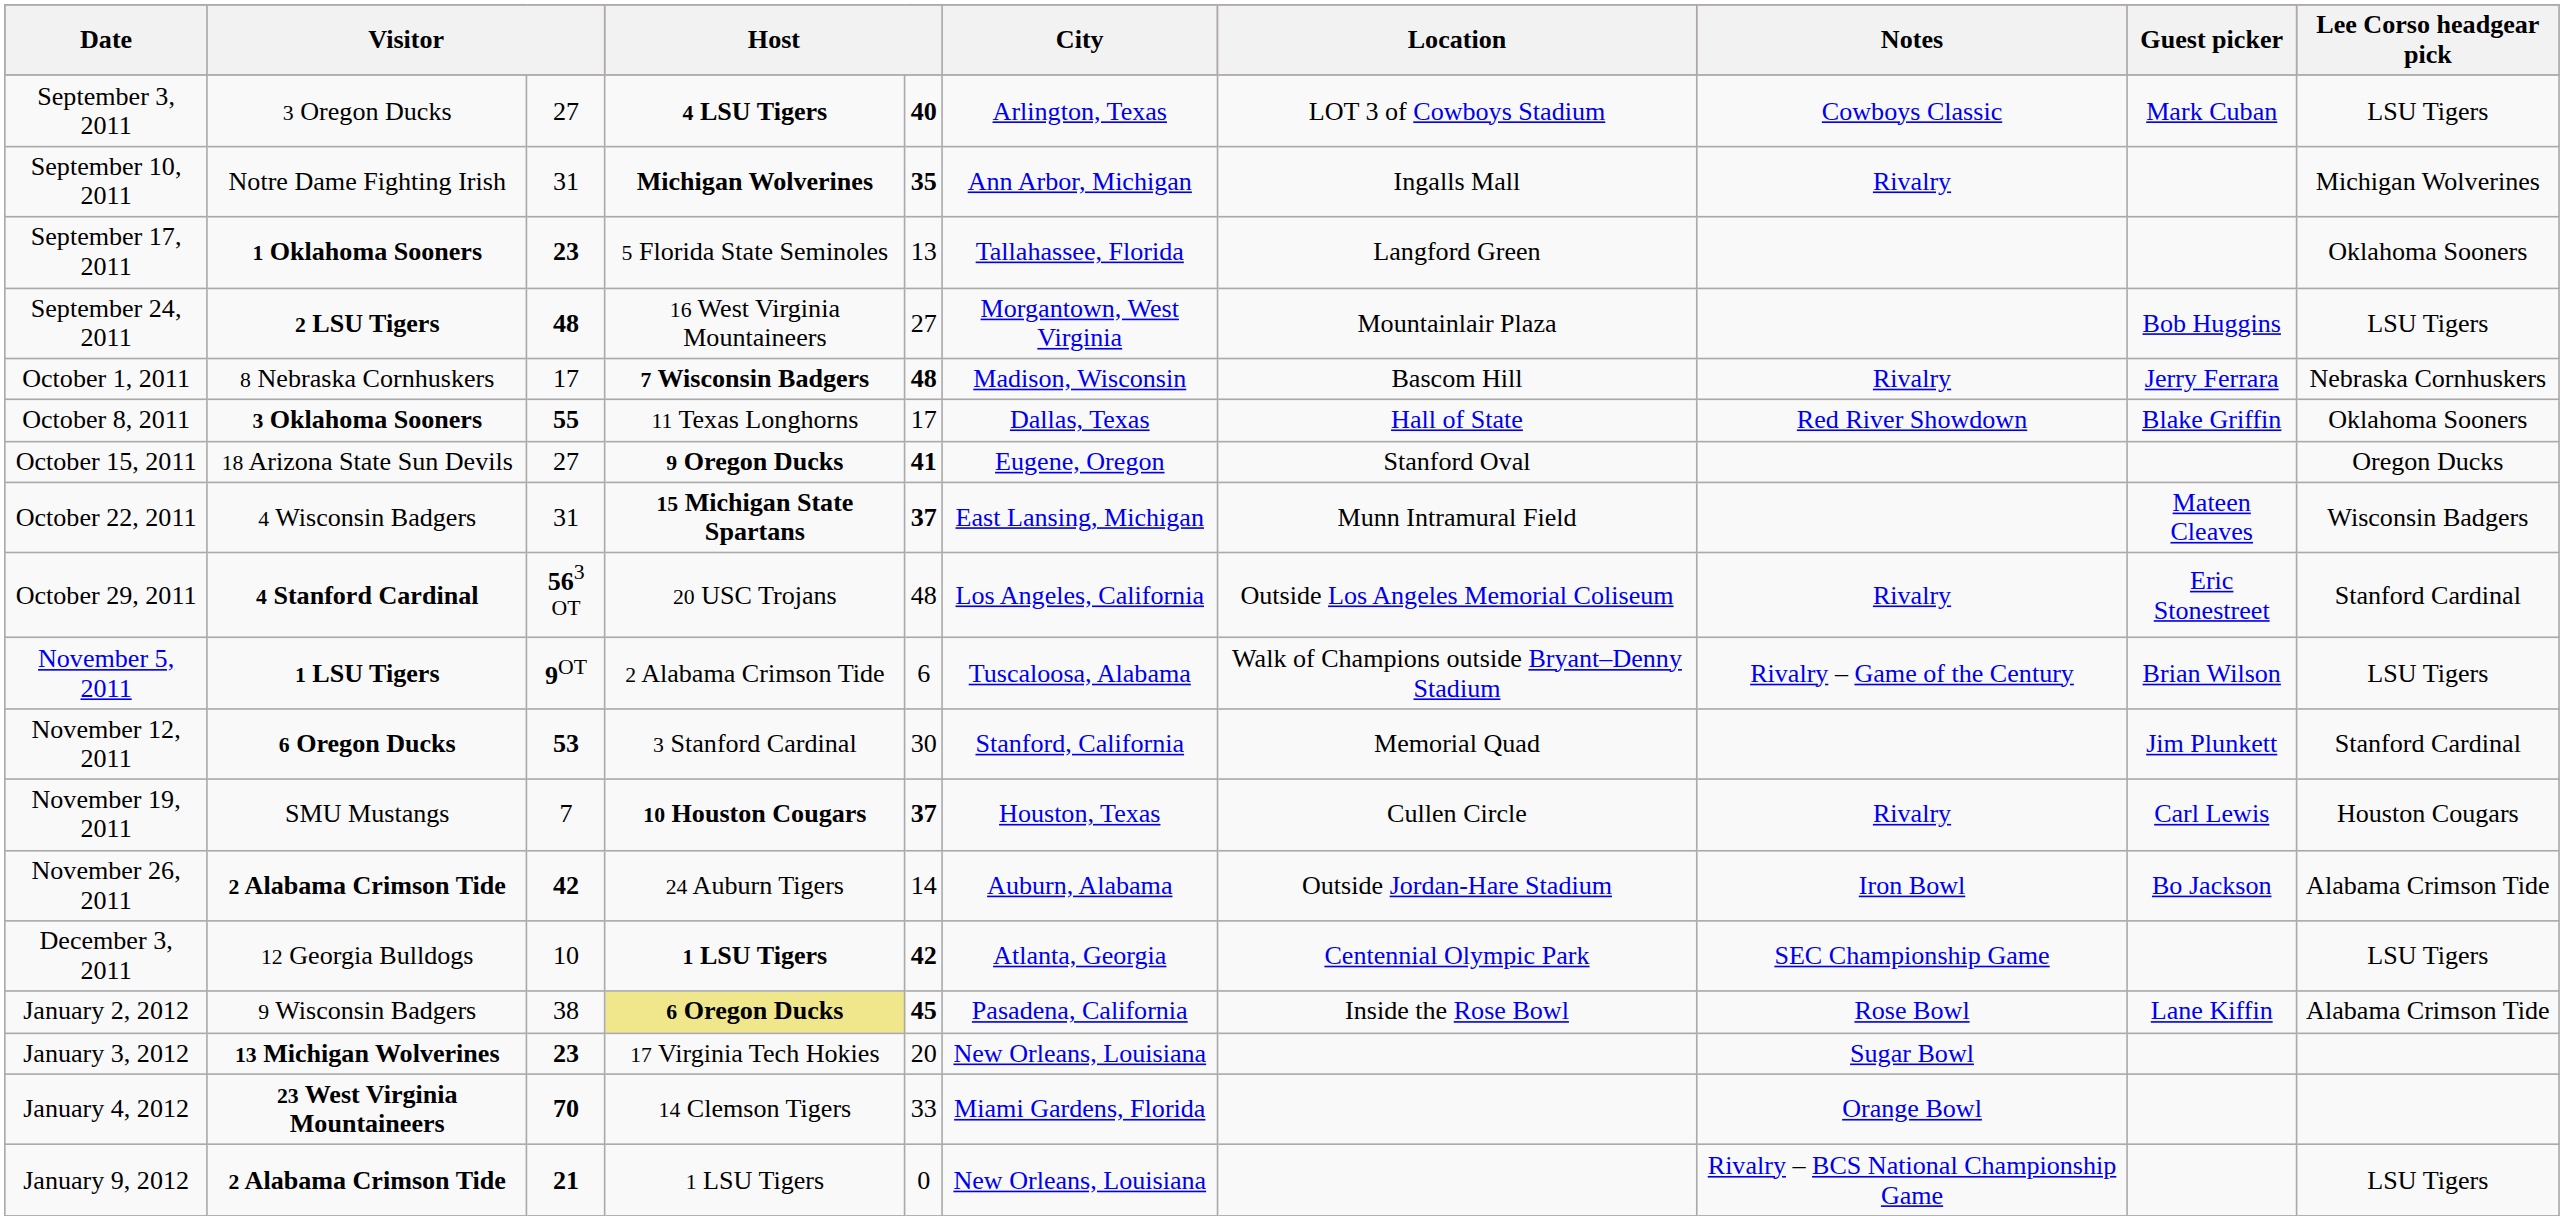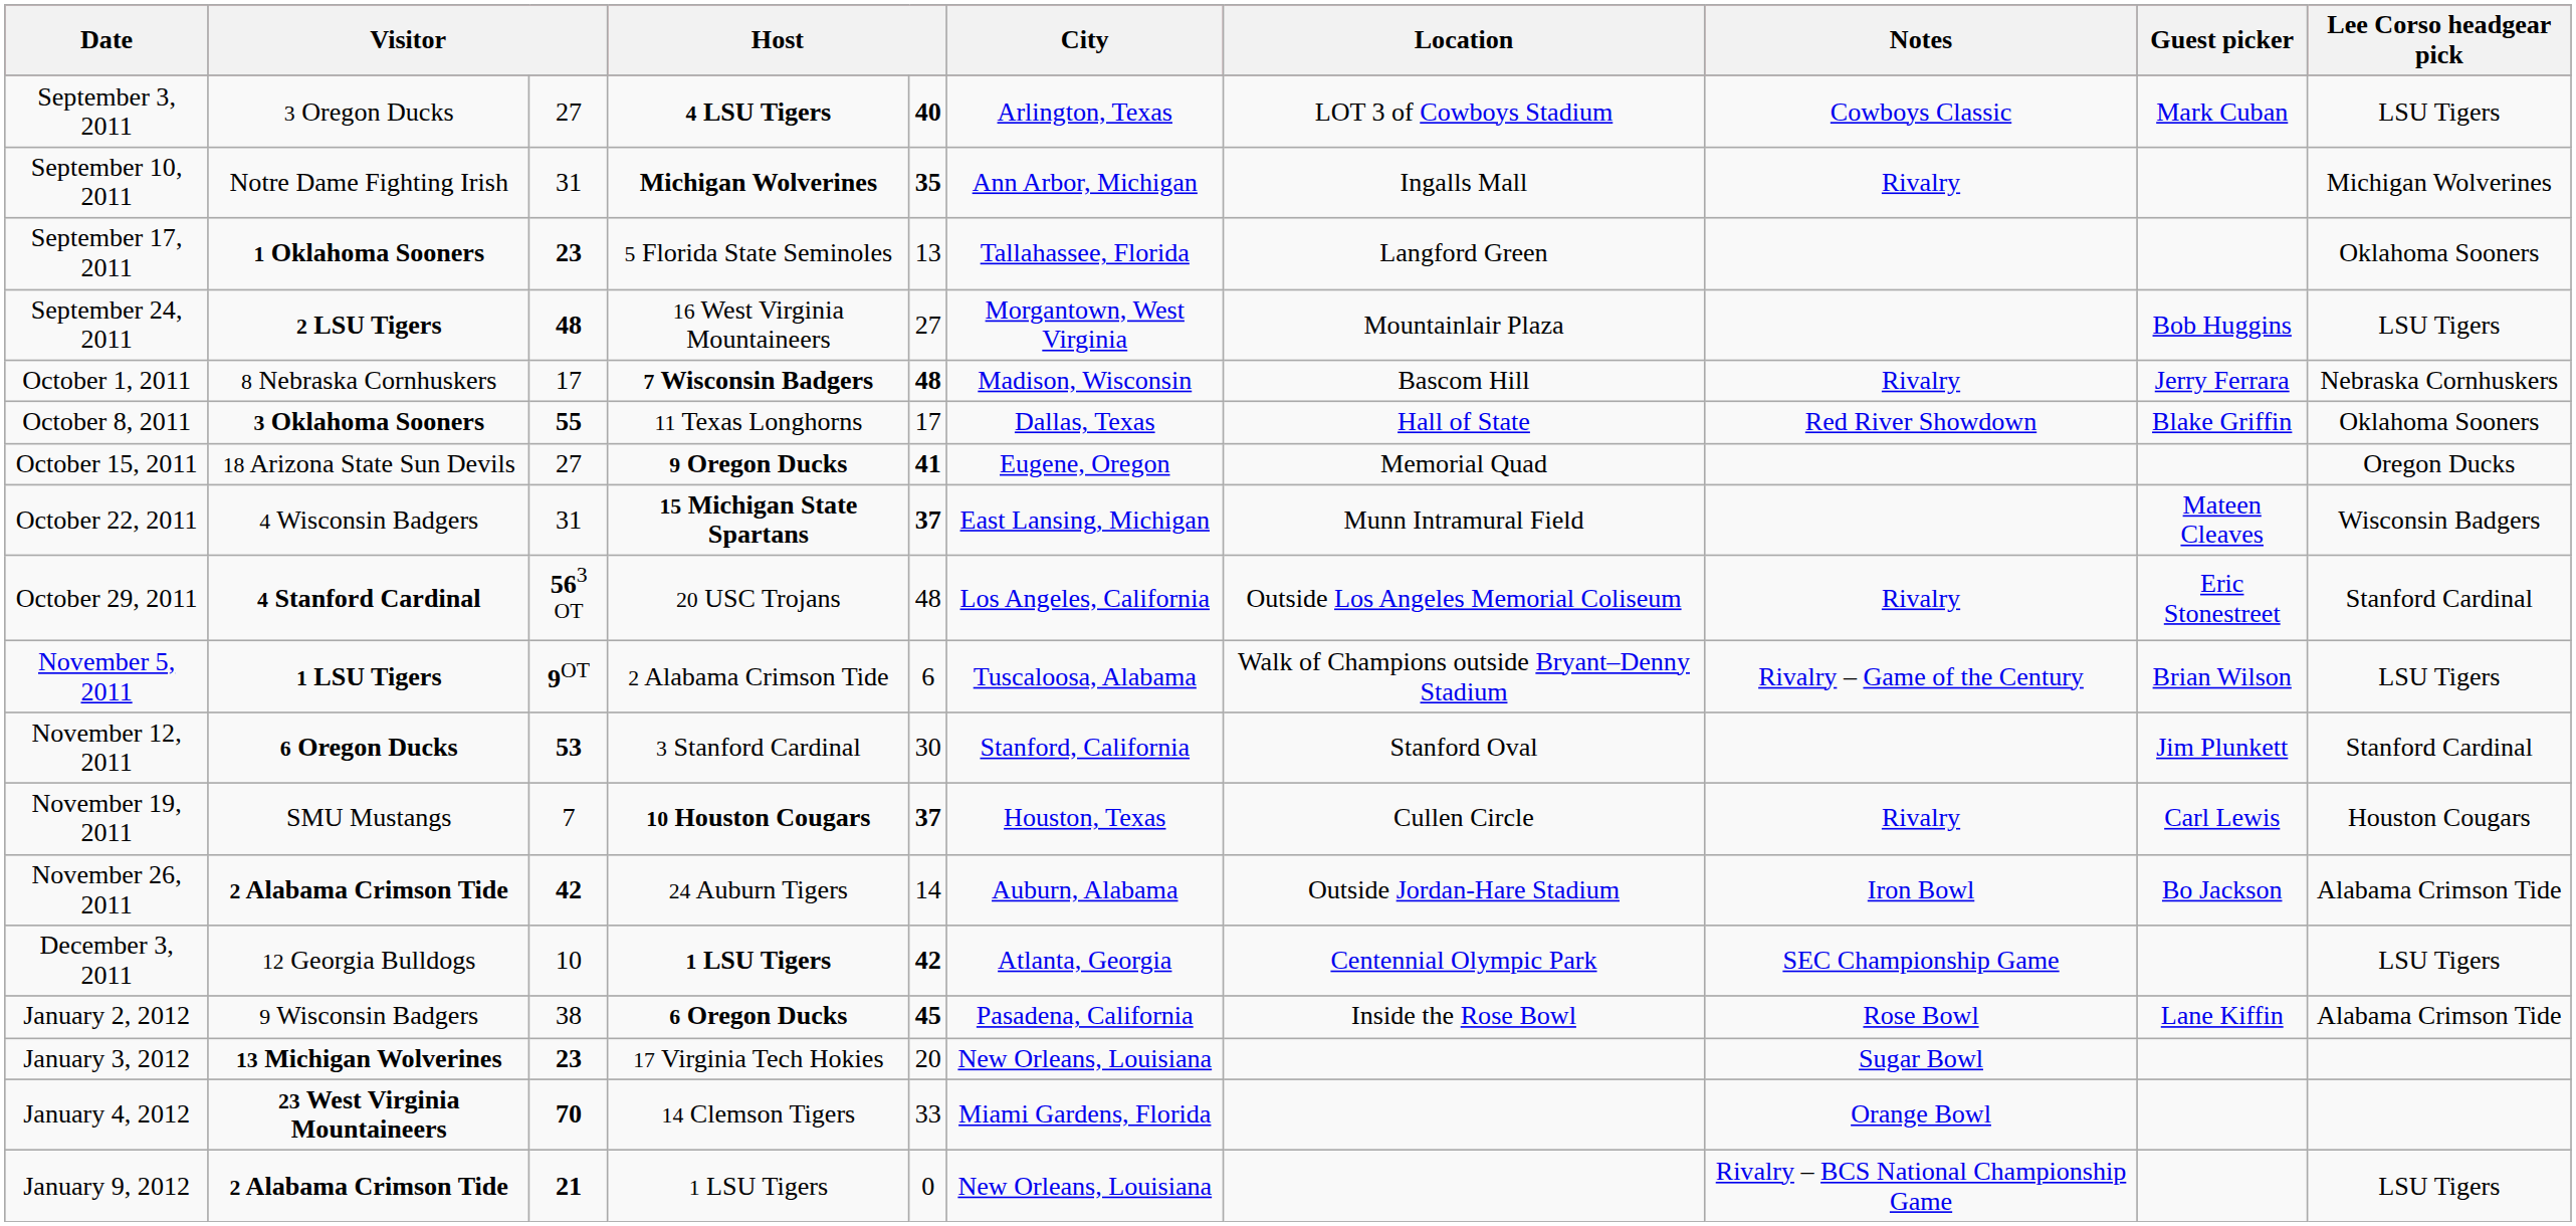 <table class="wikitable" style="text-align:center">
 <tr style="background:#A32638;"|>
 <th>Date</th>
 <th colspan=2>Visitor</th>
 <th colspan=2>Host</th>
 <th>City</th>
 <th>Location</th>
 <th>Notes</th>
 <th>Guest picker</th>
 <th>Lee Corso headgear pick</th>
 </tr>
 <tr>
 <td>September 3, 2011</td>
 <td><small>3</small> Oregon Ducks</td>
 <td>27</td>
 <td><strong><small>4</small> LSU Tigers</strong></td>
 <td><strong>40</strong></td>
 <td><a href='#'>Arlington, Texas</a></td>
 <td>LOT 3 of <a href='#'>Cowboys Stadium</a></td>
 <td><a href='#'>Cowboys Classic</a></td>
 <td><a href='#'>Mark Cuban</a></td>
 <td>LSU Tigers</td>
 </tr>
 <tr>
 <td>September 10, 2011</td>
 <td>Notre Dame Fighting Irish</td>
 <td>31</td>
 <td><strong>Michigan Wolverines</strong></td>
 <td><strong>35</strong></td>
 <td><a href='#'>Ann Arbor, Michigan</a></td>
 <td>Ingalls Mall</td>
 <td><a href='#'>Rivalry</a></td>
 <td></td>
 <td>Michigan Wolverines</td>
 </tr>
 <tr>
 <td>September 17, 2011</td>
 <td><strong><small>1</small> Oklahoma Sooners</strong></td>
 <td><strong>23</strong></td>
 <td><small>5</small> Florida State Seminoles</td>
 <td>13</td>
 <td><a href='#'>Tallahassee, Florida</a></td>
 <td>Langford Green</td>
 <td></td>
 <td></td>
 <td>Oklahoma Sooners</td>
 </tr>
 <tr>
 <td>September 24, 2011</td>
 <td><strong><small>2</small> LSU Tigers</strong></td>
 <td><strong>48</strong></td>
 <td><small>16</small> West Virginia Mountaineers</td>
 <td>27</td>
 <td><a href='#'>Morgantown, West Virginia</a></td>
 <td>Mountainlair Plaza</td>
 <td></td>
 <td><a href='#'>Bob Huggins</a></td>
 <td>LSU Tigers</td>
 </tr>
 <tr>
 <td>October 1, 2011</td>
 <td><small>8</small> Nebraska Cornhuskers</td>
 <td>17</td>
 <td><strong><small>7</small> Wisconsin Badgers</strong></td>
 <td><strong>48</strong></td>
 <td><a href='#'>Madison, Wisconsin</a></td>
 <td>Bascom Hill</td>
 <td><a href='#'>Rivalry</a></td>
 <td><a href='#'>Jerry Ferrara</a></td>
 <td>Nebraska Cornhuskers</td>
 </tr>
 <tr>
 <td>October 8, 2011</td>
 <td><strong><small>3</small> Oklahoma Sooners</strong></td>
 <td><strong>55</strong></td>
 <td><small>11</small> Texas Longhorns</td>
 <td>17</td>
 <td><a href='#'>Dallas, Texas</a></td>
 <td><a href='#'>Hall of State</a></td>
 <td><a href='#'>Red River Showdown</a></td>
 <td><a href='#'>Blake Griffin</a></td>
 <td>Oklahoma Sooners</td>
 </tr>
 <tr>
 <td>October 15, 2011</td>
 <td><small>18</small> Arizona State Sun Devils</td>
 <td>27</td>
 <td><strong><small>9</small> Oregon Ducks</strong></td>
 <td><strong>41</strong></td>
 <td><a href='#'>Eugene, Oregon</a></td>
-<td>Stanford Oval</td>
+<td>Memorial Quad</td>
 <td></td>
 <td></td>
 <td>Oregon Ducks</td>
 </tr>
 <tr>
 <td>October 22, 2011</td>
 <td><small>4</small> Wisconsin Badgers</td>
 <td>31</td>
 <td><strong><small>15</small> Michigan State Spartans</strong></td>
 <td><strong>37</strong></td>
 <td><a href='#'>East Lansing, Michigan</a></td>
 <td>Munn Intramural Field</td>
 <td></td>
 <td><a href='#'>Mateen Cleaves</a></td>
 <td>Wisconsin Badgers</td>
 </tr>
 <tr>
 <td>October 29, 2011</td>
 <td><strong><small>4</small> Stanford Cardinal</strong></td>
 <td><strong>56</strong><sup>3 OT</sup></td>
 <td><small>20</small> USC Trojans</td>
 <td>48</td>
 <td><a href='#'>Los Angeles, California</a></td>
 <td>Outside <a href='#'>Los Angeles Memorial Coliseum</a></td>
 <td><a href='#'>Rivalry</a></td>
 <td><a href='#'>Eric Stonestreet</a></td>
 <td>Stanford Cardinal</td>
 </tr>
 <tr>
 <td><a href='#'>November 5, 2011</a></td>
 <td><strong><small>1</small> LSU Tigers</strong></td>
 <td><strong>9</strong><sup>OT</sup></td>
 <td><small>2</small> Alabama Crimson Tide</td>
 <td>6</td>
 <td><a href='#'>Tuscaloosa, Alabama</a></td>
 <td>Walk of Champions outside <a href='#'>Bryant–Denny Stadium</a></td>
 <td><a href='#'>Rivalry</a> – <a href='#'>Game of the Century</a></td>
 <td><a href='#'>Brian Wilson</a></td>
 <td>LSU Tigers</td>
 </tr>
 <tr>
 <td>November 12, 2011</td>
 <td><strong><small>6</small> Oregon Ducks</strong></td>
 <td><strong>53</strong></td>
 <td><small>3</small> Stanford Cardinal</td>
 <td>30</td>
 <td><a href='#'>Stanford, California</a></td>
-<td>Memorial Quad</td>
+<td>Stanford Oval</td>
 <td></td>
 <td><a href='#'>Jim Plunkett</a></td>
 <td>Stanford Cardinal</td>
 </tr>
 <tr>
 <td>November 19, 2011</td>
 <td>SMU Mustangs</td>
 <td>7</td>
 <td><strong><small>10</small> Houston Cougars</strong></td>
 <td><strong>37</strong></td>
 <td><a href='#'>Houston, Texas</a></td>
 <td>Cullen Circle</td>
 <td><a href='#'>Rivalry</a></td>
 <td><a href='#'>Carl Lewis</a></td>
 <td>Houston Cougars</td>
 </tr>
 <tr>
 <td>November 26, 2011</td>
 <td><strong><small>2</small> Alabama Crimson Tide</strong></td>
 <td><strong>42</strong></td>
 <td><small>24</small> Auburn Tigers</td>
 <td>14</td>
 <td><a href='#'>Auburn, Alabama</a></td>
 <td>Outside <a href='#'>Jordan-Hare Stadium</a></td>
 <td><a href='#'>Iron Bowl</a></td>
 <td><a href='#'>Bo Jackson</a></td>
 <td>Alabama Crimson Tide</td>
 </tr>
 <tr>
 <td>December 3, 2011</td>
 <td><small>12</small> Georgia Bulldogs</td>
 <td>10</td>
 <td><strong><small>1</small> LSU Tigers</strong></td>
 <td><strong>42</strong></td>
 <td><a href='#'>Atlanta, Georgia</a></td>
 <td><a href='#'>Centennial Olympic Park</a></td>
 <td><a href='#'>SEC Championship Game</a></td>
 <td></td>
 <td>LSU Tigers</td>
 </tr>
 <tr>
 <td>January 2, 2012</td>
 <td><small>9</small> Wisconsin Badgers</td>
 <td>38</td>
-<td style="background: khaki;"><strong><small>6</small> Oregon Ducks</strong></td>
+<td><strong><small>6</small> Oregon Ducks</strong></td>
 <td><strong>45</strong></td>
 <td><a href='#'>Pasadena, California</a></td>
 <td>Inside the <a href='#'>Rose Bowl</a></td>
 <td><a href='#'>Rose Bowl</a></td>
 <td><a href='#'>Lane Kiffin</a></td>
 <td>Alabama Crimson Tide</td>
 </tr>
 <tr>
 <td>January 3, 2012</td>
 <td><strong><small>13</small> Michigan Wolverines</strong></td>
 <td><strong>23</strong></td>
 <td><small>17</small> Virginia Tech Hokies</td>
 <td>20</td>
 <td><a href='#'>New Orleans, Louisiana</a></td>
 <td></td>
 <td><a href='#'>Sugar Bowl</a></td>
 <td></td>
 <td></td>
 </tr>
 <tr>
 <td>January 4, 2012</td>
 <td><strong><small>23</small> West Virginia Mountaineers</strong></td>
 <td><strong>70</strong></td>
 <td><small>14</small> Clemson Tigers</td>
 <td>33</td>
 <td><a href='#'>Miami Gardens, Florida</a></td>
 <td></td>
 <td><a href='#'>Orange Bowl</a></td>
 <td></td>
 <td></td>
 </tr>
 <tr>
 <td>January 9, 2012</td>
 <td><strong><small>2</small> Alabama Crimson Tide</strong></td>
 <td><strong>21</strong></td>
 <td><small>1</small> LSU Tigers</td>
 <td>0</td>
 <td><a href='#'>New Orleans, Louisiana</a></td>
 <td></td>
 <td><a href='#'>Rivalry</a> – <a href='#'>BCS National Championship Game</a></td>
 <td></td>
 <td>LSU Tigers</td>
 </tr>
 </table>
